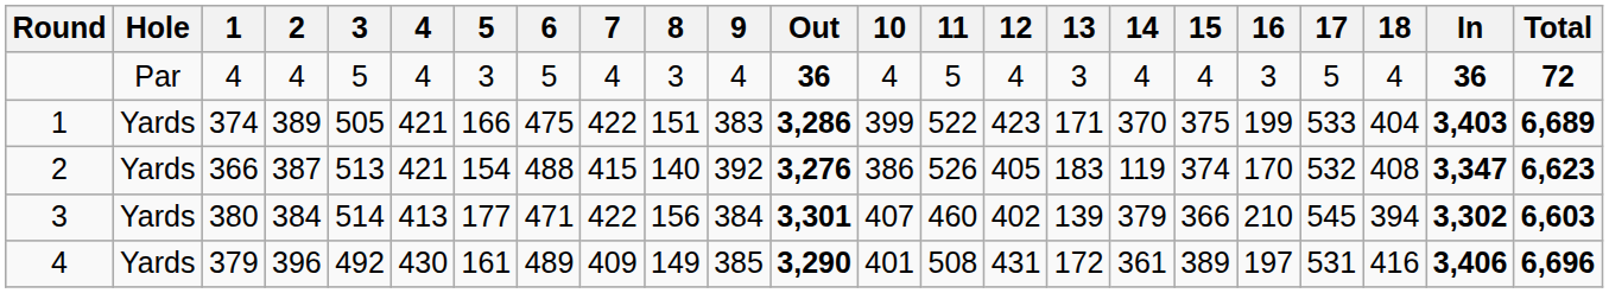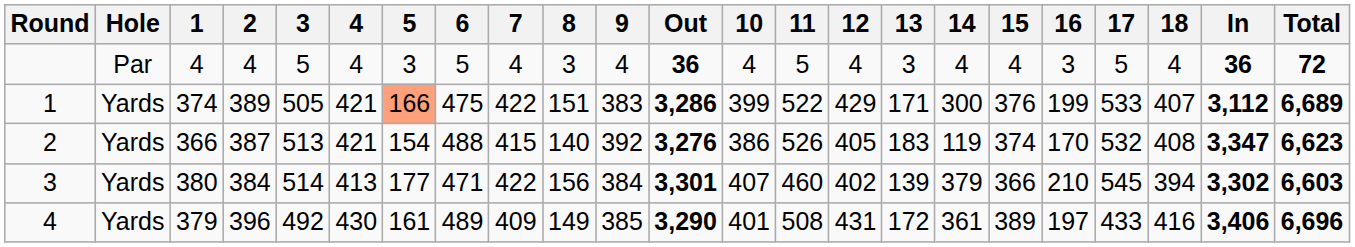 <table class="wikitable" style="text-align:center">
 <tr>
 <th>Round</th>
 <th align="left">Hole</th>
 <th>1</th>
 <th>2</th>
 <th>3</th>
 <th>4</th>
 <th>5</th>
 <th>6</th>
 <th>7</th>
 <th>8</th>
 <th>9</th>
 <th>Out</th>
 <th>10</th>
 <th>11</th>
 <th>12</th>
 <th>13</th>
 <th>14</th>
 <th>15</th>
 <th>16</th>
 <th>17</th>
 <th>18</th>
 <th>In</th>
 <th>Total</th>
 </tr>
 <tr>
 <td></td>
 <td align="center">Par</td>
 <td>4</td>
 <td>4</td>
 <td>5</td>
 <td>4</td>
 <td>3</td>
 <td>5</td>
 <td>4</td>
 <td>3</td>
 <td>4</td>
 <td><strong>36</strong></td>
 <td>4</td>
 <td>5</td>
 <td>4</td>
 <td>3</td>
 <td>4</td>
 <td>4</td>
 <td>3</td>
 <td>5</td>
 <td>4</td>
 <td><strong>36</strong></td>
 <td><strong>72</strong></td>
 </tr>
 <tr>
 <td>1</td>
 <td align="left">Yards</td>
 <td>374</td>
 <td>389</td>
 <td>505</td>
 <td>421</td>
-<td>166</td>
+<td style="background: lightsalmon;">166</td>
 <td>475</td>
 <td>422</td>
 <td>151</td>
 <td>383</td>
 <td><strong>3,286</strong></td>
 <td>399</td>
 <td>522</td>
-<td>423</td>
+<td>429</td>
 <td>171</td>
-<td>370</td>
-<td>375</td>
+<td>300</td>
+<td>376</td>
 <td>199</td>
 <td>533</td>
-<td>404</td>
-<td><strong>3,403</strong></td>
+<td>407</td>
+<td><strong>3,112</strong></td>
 <td><strong>6,689</strong></td>
 </tr>
 <tr>
 <td>2</td>
 <td align="left">Yards</td>
 <td>366</td>
 <td>387</td>
 <td>513</td>
 <td>421</td>
 <td>154</td>
 <td>488</td>
 <td>415</td>
 <td>140</td>
 <td>392</td>
 <td><strong>3,276</strong></td>
 <td>386</td>
 <td>526</td>
 <td>405</td>
 <td>183</td>
 <td>119</td>
 <td>374</td>
 <td>170</td>
 <td>532</td>
 <td>408</td>
 <td><strong>3,347</strong></td>
 <td><strong>6,623</strong></td>
 </tr>
 <tr>
 <td>3</td>
 <td align="left">Yards</td>
 <td>380</td>
 <td>384</td>
 <td>514</td>
 <td>413</td>
 <td>177</td>
 <td>471</td>
 <td>422</td>
 <td>156</td>
 <td>384</td>
 <td><strong>3,301</strong></td>
 <td>407</td>
 <td>460</td>
 <td>402</td>
 <td>139</td>
 <td>379</td>
 <td>366</td>
 <td>210</td>
 <td>545</td>
 <td>394</td>
 <td><strong>3,302</strong></td>
 <td><strong>6,603</strong></td>
 </tr>
 <tr>
 <td>4</td>
 <td align="left">Yards</td>
 <td>379</td>
 <td>396</td>
 <td>492</td>
 <td>430</td>
 <td>161</td>
 <td>489</td>
 <td>409</td>
 <td>149</td>
 <td>385</td>
 <td><strong>3,290</strong></td>
 <td>401</td>
 <td>508</td>
 <td>431</td>
 <td>172</td>
 <td>361</td>
 <td>389</td>
 <td>197</td>
-<td>531</td>
+<td>433</td>
 <td>416</td>
 <td><strong>3,406</strong></td>
 <td><strong>6,696</strong></td>
 </tr>
 </table>
